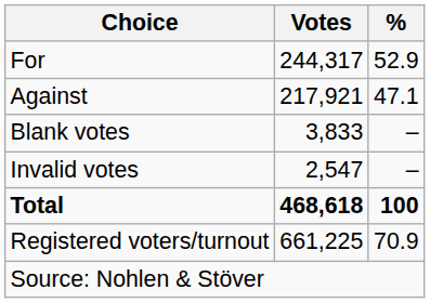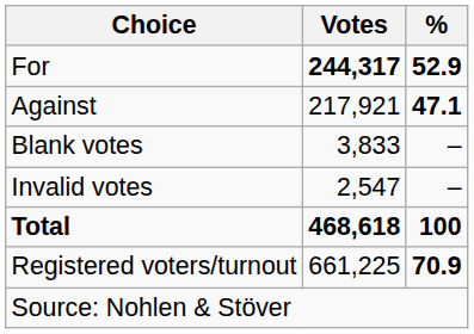 <table class=wikitable style=text-align:right>
 <tr>
 <th>Choice</th>
 <th>Votes</th>
 <th>%</th>
 </tr>
 <tr>
 <td align=left>For</td>
-<td>244,317</td>
-<td>52.9</td>
+<td><strong>244,317</strong></td>
+<td><strong>52.9</strong></td>
 </tr>
 <tr>
 <td align=left>Against</td>
 <td>217,921</td>
-<td>47.1</td>
+<td><strong>47.1</strong></td>
 </tr>
 <tr>
 <td align=left>Blank votes</td>
 <td>3,833</td>
 <td>–</td>
 </tr>
 <tr>
 <td align=left>Invalid votes</td>
 <td>2,547</td>
 <td>–</td>
 </tr>
 <tr>
 <td align=left><strong>Total</strong></td>
 <td><strong>468,618</strong></td>
 <td><strong>100</strong></td>
 </tr>
 <tr>
 <td align=left>Registered voters/turnout</td>
 <td>661,225</td>
-<td>70.9</td>
+<td><strong>70.9</strong></td>
 </tr>
 <tr>
 <td align=left colspan=3>Source: Nohlen & Stöver</td>
 </tr>
 </table>
